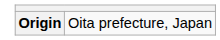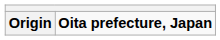 <table class="wikitable" style="float: right;">
 <tr>
 <th colspan="2" style="background-color=:#ffdead;"></th>
 </tr>
 <tr>
 <th>Origin</th>
-<td>Oita prefecture, Japan</td>
+<td><strong>Oita prefecture, Japan</strong></td>
 </tr>
 </table>
